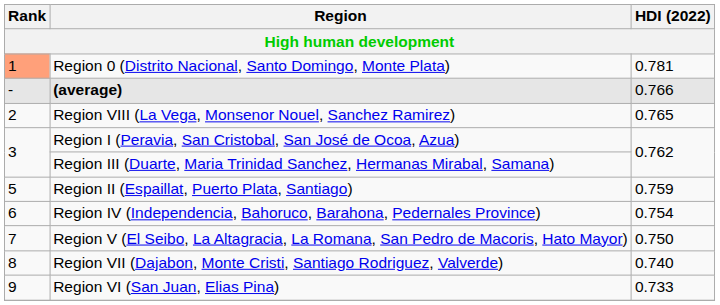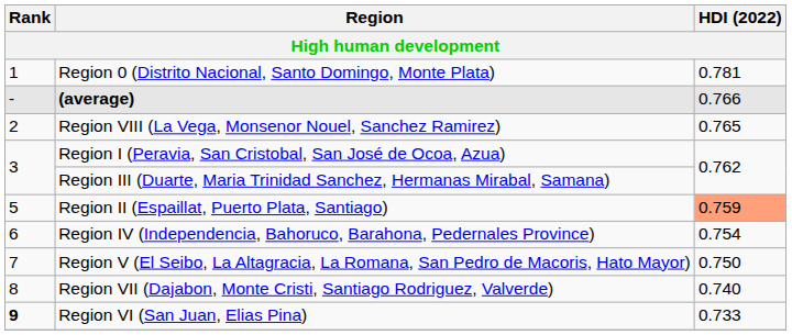 <table class="wikitable sortable">
 <tr>
 <th class="sort">Rank</th>
 <th class="sort">Region</th>
 <th class="sort">HDI (2022)</th>
 </tr>
 <tr>
 <th colspan="3" style="color:#0c0;">High human development</th>
 </tr>
 <tr>
-<td style="background: lightsalmon;">1</td>
+<td>1</td>
 <td style="text-align:left">Region 0 (<a href='#'>Distrito Nacional</a>, <a href='#'>Santo Domingo</a>, <a href='#'>Monte Plata</a>)</td>
 <td>0.781</td>
 </tr>
 <tr style="background:#e6e6e6">
 <td>-</td>
 <td style="text-align:left"><strong></strong> <strong>(average)</strong></td>
 <td>0.766</td>
 </tr>
 <tr>
 <td>2</td>
 <td style="text-align:left">Region VIII (<a href='#'>La Vega</a>, <a href='#'>Monsenor Nouel</a>, <a href='#'>Sanchez Ramirez</a>)</td>
 <td>0.765</td>
 </tr>
 <tr>
 <td rowspan="2">3</td>
 <td style="text-align:left">Region I (<a href='#'>Peravia</a>, <a href='#'>San Cristobal</a>, <a href='#'>San José de Ocoa</a>, <a href='#'>Azua</a>)</td>
 <td rowspan="2">0.762</td>
 </tr>
 <tr>
 <td style="text-align:left">Region III (<a href='#'>Duarte</a>, <a href='#'>Maria Trinidad Sanchez</a>, <a href='#'>Hermanas Mirabal</a>, <a href='#'>Samana</a>)</td>
 </tr>
 <tr>
 <td>5</td>
 <td style="text-align:left">Region II (<a href='#'>Espaillat</a>, <a href='#'>Puerto Plata</a>, <a href='#'>Santiago</a>)</td>
-<td>0.759</td>
+<td style="background: lightsalmon;">0.759</td>
 </tr>
 <tr>
 <td>6</td>
 <td style="text-align:left">Region IV (<a href='#'>Independencia</a>, <a href='#'>Bahoruco</a>, <a href='#'>Barahona</a>, <a href='#'>Pedernales Province</a>)</td>
 <td>0.754</td>
 </tr>
 <tr>
 <td>7</td>
 <td style="text-align:left">Region V (<a href='#'>El Seibo</a>, <a href='#'>La Altagracia</a>, <a href='#'>La Romana</a>, <a href='#'>San Pedro de Macoris</a>, <a href='#'>Hato Mayor</a>)</td>
 <td>0.750</td>
 </tr>
 <tr>
 <td>8</td>
 <td style="text-align:left">Region VII (<a href='#'>Dajabon</a>, <a href='#'>Monte Cristi</a>, <a href='#'>Santiago Rodriguez</a>, <a href='#'>Valverde</a>)</td>
 <td>0.740</td>
 </tr>
 <tr>
-<td>9</td>
+<td><strong>9</strong></td>
 <td style="text-align:left">Region VI (<a href='#'>San Juan</a>, <a href='#'>Elias Pina</a>)</td>
 <td>0.733</td>
 </tr>
 <tr>
 </tr>
 </table>
